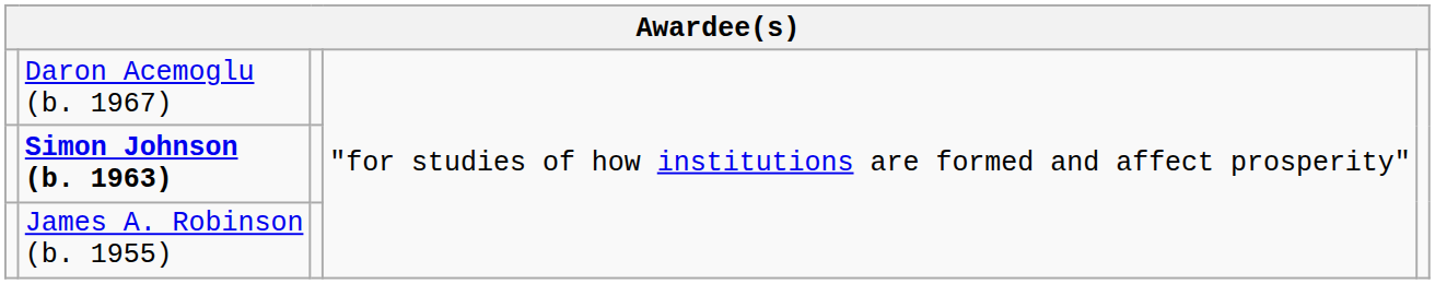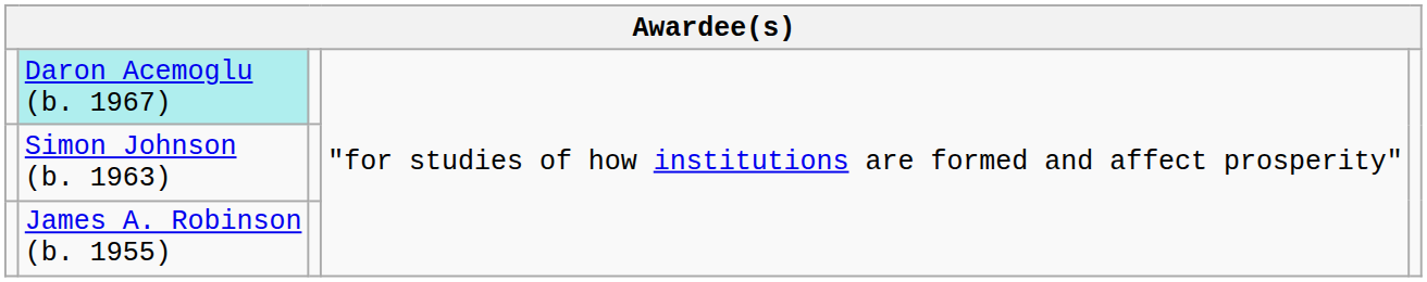 <table class="wikitable">
 <tr>
 <th colspan="5">Awardee(s)</th>
 </tr>
 <tr>
 <td></td>
-<td><a href='#'>Daron Acemoglu</a><br>(b. 1967)</td>
+<td style="background: paleturquoise;"><a href='#'>Daron Acemoglu</a><br>(b. 1967)</td>
 <td><br></td>
 <td rowspan="3">"for studies of how <a href='#'>institutions</a> are formed and affect prosperity"</td>
 <td rowspan="3"></td>
 </tr>
 <tr>
 <td></td>
-<td><strong><a href='#'>Simon Johnson</a><br>(b. 1963)</strong></td>
+<td><a href='#'>Simon Johnson</a><br>(b. 1963)</td>
 <td><br></td>
 </tr>
 <tr>
 <td></td>
 <td><a href='#'>James A. Robinson</a><br>(b. 1955)</td>
 <td><br></td>
 </tr>
 </table>
